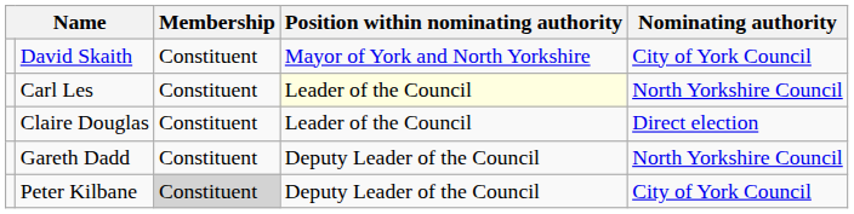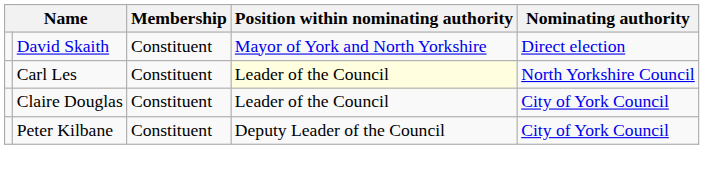 <table class="wikitable sortable">
 <tr>
 <th colspan=2>Name</th>
 <th>Membership</th>
 <th>Position within nominating authority</th>
 <th>Nominating authority</th>
 </tr>
 <tr>
 <td style="background:"></td>
 <td><a href='#'>David Skaith</a></td>
 <td>Constituent</td>
 <td><a href='#'>Mayor of York and North Yorkshire</a></td>
-<td><a href='#'>City of York Council</a></td>
+<td><a href='#'>Direct election</a></td>
 </tr>
 <tr>
 <td style="background:"></td>
 <td>Carl Les</td>
 <td>Constituent</td>
 <td style="background: lightyellow;">Leader of the Council</td>
 <td><a href='#'>North Yorkshire Council</a></td>
 </tr>
 <tr>
 <td style="background:"></td>
 <td>Claire Douglas</td>
 <td>Constituent</td>
 <td>Leader of the Council</td>
-<td><a href='#'>Direct election</a></td>
-</tr>
-<tr>
-<td style="background:"></td>
-<td>Gareth Dadd</td>
-<td>Constituent</td>
-<td>Deputy Leader of the Council</td>
-<td><a href='#'>North Yorkshire Council</a></td>
+<td><a href='#'>City of York Council</a></td>
 </tr>
 <tr>
 <td style="background:"></td>
 <td>Peter Kilbane</td>
-<td style="background: lightgrey;">Constituent</td>
+<td>Constituent</td>
 <td>Deputy Leader of the Council</td>
 <td><a href='#'>City of York Council</a></td>
 </tr>
 </table>
